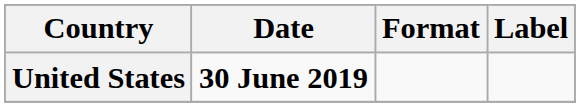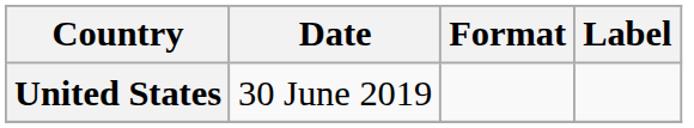 <table class="wikitable plainrowheaders">
 <tr>
 <th>Country</th>
 <th>Date</th>
 <th>Format</th>
 <th>Label</th>
 </tr>
 <tr>
 <th scope="row">United States</th>
-<td><strong>30 June 2019</strong></td>
+<td>30 June 2019</td>
 <td></td>
 <td></td>
 </tr>
 <tr>
 </tr>
 </table>
